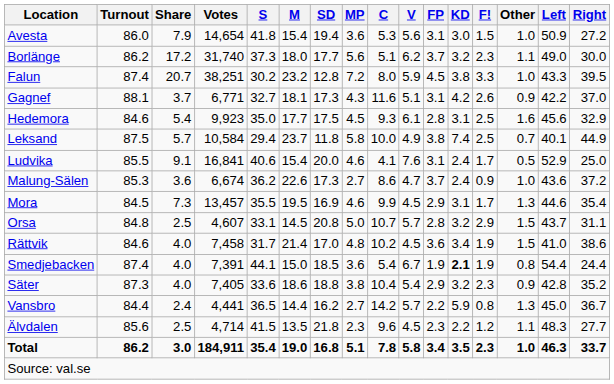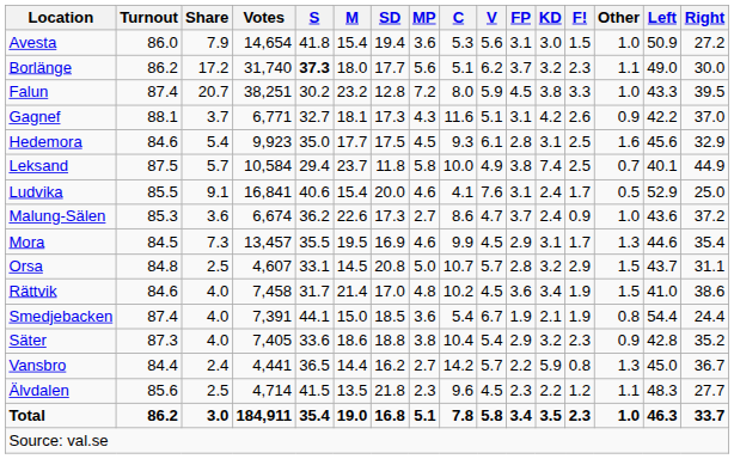 <table class="wikitable sortable" style=text-align:right>
 <tr>
 <th>Location</th>
 <th>Turnout</th>
 <th>Share</th>
 <th>Votes</th>
 <th><a href='#'>S</a></th>
 <th><a href='#'>M</a></th>
 <th><a href='#'>SD</a></th>
 <th><a href='#'>MP</a></th>
 <th><a href='#'>C</a></th>
 <th><a href='#'>V</a></th>
 <th><a href='#'>FP</a></th>
 <th><a href='#'>KD</a></th>
 <th><a href='#'>F!</a></th>
 <th>Other</th>
 <th><a href='#'>Left</a></th>
 <th><a href='#'>Right</a></th>
 </tr>
 <tr>
 <td align=left><a href='#'>Avesta</a></td>
 <td>86.0</td>
 <td>7.9</td>
 <td>14,654</td>
 <td>41.8</td>
 <td>15.4</td>
 <td>19.4</td>
 <td>3.6</td>
 <td>5.3</td>
 <td>5.6</td>
 <td>3.1</td>
 <td>3.0</td>
 <td>1.5</td>
 <td>1.0</td>
 <td>50.9</td>
 <td>27.2</td>
 </tr>
 <tr>
 <td align=left><a href='#'>Borlänge</a></td>
 <td>86.2</td>
 <td>17.2</td>
 <td>31,740</td>
-<td>37.3</td>
+<td><strong>37.3</strong></td>
 <td>18.0</td>
 <td>17.7</td>
 <td>5.6</td>
 <td>5.1</td>
 <td>6.2</td>
 <td>3.7</td>
 <td>3.2</td>
 <td>2.3</td>
 <td>1.1</td>
 <td>49.0</td>
 <td>30.0</td>
 </tr>
 <tr>
 <td align=left><a href='#'>Falun</a></td>
 <td>87.4</td>
 <td>20.7</td>
 <td>38,251</td>
 <td>30.2</td>
 <td>23.2</td>
 <td>12.8</td>
 <td>7.2</td>
 <td>8.0</td>
 <td>5.9</td>
 <td>4.5</td>
 <td>3.8</td>
 <td>3.3</td>
 <td>1.0</td>
 <td>43.3</td>
 <td>39.5</td>
 </tr>
 <tr>
 <td align=left><a href='#'>Gagnef</a></td>
 <td>88.1</td>
 <td>3.7</td>
 <td>6,771</td>
 <td>32.7</td>
 <td>18.1</td>
 <td>17.3</td>
 <td>4.3</td>
 <td>11.6</td>
 <td>5.1</td>
 <td>3.1</td>
 <td>4.2</td>
 <td>2.6</td>
 <td>0.9</td>
 <td>42.2</td>
 <td>37.0</td>
 </tr>
 <tr>
 <td align=left><a href='#'>Hedemora</a></td>
 <td>84.6</td>
 <td>5.4</td>
 <td>9,923</td>
 <td>35.0</td>
 <td>17.7</td>
 <td>17.5</td>
 <td>4.5</td>
 <td>9.3</td>
 <td>6.1</td>
 <td>2.8</td>
 <td>3.1</td>
 <td>2.5</td>
 <td>1.6</td>
 <td>45.6</td>
 <td>32.9</td>
 </tr>
 <tr>
 <td align=left><a href='#'>Leksand</a></td>
 <td>87.5</td>
 <td>5.7</td>
 <td>10,584</td>
 <td>29.4</td>
 <td>23.7</td>
 <td>11.8</td>
 <td>5.8</td>
 <td>10.0</td>
 <td>4.9</td>
 <td>3.8</td>
 <td>7.4</td>
 <td>2.5</td>
 <td>0.7</td>
 <td>40.1</td>
 <td>44.9</td>
 </tr>
 <tr>
 <td align=left><a href='#'>Ludvika</a></td>
 <td>85.5</td>
 <td>9.1</td>
 <td>16,841</td>
 <td>40.6</td>
 <td>15.4</td>
 <td>20.0</td>
 <td>4.6</td>
 <td>4.1</td>
 <td>7.6</td>
 <td>3.1</td>
 <td>2.4</td>
 <td>1.7</td>
 <td>0.5</td>
 <td>52.9</td>
 <td>25.0</td>
 </tr>
 <tr>
 <td align=left><a href='#'>Malung-Sälen</a></td>
 <td>85.3</td>
 <td>3.6</td>
 <td>6,674</td>
 <td>36.2</td>
 <td>22.6</td>
 <td>17.3</td>
 <td>2.7</td>
 <td>8.6</td>
 <td>4.7</td>
 <td>3.7</td>
 <td>2.4</td>
 <td>0.9</td>
 <td>1.0</td>
 <td>43.6</td>
 <td>37.2</td>
 </tr>
 <tr>
 <td align=left><a href='#'>Mora</a></td>
 <td>84.5</td>
 <td>7.3</td>
 <td>13,457</td>
 <td>35.5</td>
 <td>19.5</td>
 <td>16.9</td>
 <td>4.6</td>
 <td>9.9</td>
 <td>4.5</td>
 <td>2.9</td>
 <td>3.1</td>
 <td>1.7</td>
 <td>1.3</td>
 <td>44.6</td>
 <td>35.4</td>
 </tr>
 <tr>
 <td align=left><a href='#'>Orsa</a></td>
 <td>84.8</td>
 <td>2.5</td>
 <td>4,607</td>
 <td>33.1</td>
 <td>14.5</td>
 <td>20.8</td>
 <td>5.0</td>
 <td>10.7</td>
 <td>5.7</td>
 <td>2.8</td>
 <td>3.2</td>
 <td>2.9</td>
 <td>1.5</td>
 <td>43.7</td>
 <td>31.1</td>
 </tr>
 <tr>
 <td align=left><a href='#'>Rättvik</a></td>
 <td>84.6</td>
 <td>4.0</td>
 <td>7,458</td>
 <td>31.7</td>
 <td>21.4</td>
 <td>17.0</td>
 <td>4.8</td>
 <td>10.2</td>
 <td>4.5</td>
 <td>3.6</td>
 <td>3.4</td>
 <td>1.9</td>
 <td>1.5</td>
 <td>41.0</td>
 <td>38.6</td>
 </tr>
 <tr>
 <td align=left><a href='#'>Smedjebacken</a></td>
 <td>87.4</td>
 <td>4.0</td>
 <td>7,391</td>
 <td>44.1</td>
 <td>15.0</td>
 <td>18.5</td>
 <td>3.6</td>
 <td>5.4</td>
 <td>6.7</td>
 <td>1.9</td>
-<td><strong>2.1</strong></td>
+<td>2.1</td>
 <td>1.9</td>
 <td>0.8</td>
 <td>54.4</td>
 <td>24.4</td>
 </tr>
 <tr>
 <td align=left><a href='#'>Säter</a></td>
 <td>87.3</td>
 <td>4.0</td>
 <td>7,405</td>
 <td>33.6</td>
 <td>18.6</td>
 <td>18.8</td>
 <td>3.8</td>
 <td>10.4</td>
 <td>5.4</td>
 <td>2.9</td>
 <td>3.2</td>
 <td>2.3</td>
 <td>0.9</td>
 <td>42.8</td>
 <td>35.2</td>
 </tr>
 <tr>
 <td align=left><a href='#'>Vansbro</a></td>
 <td>84.4</td>
 <td>2.4</td>
 <td>4,441</td>
 <td>36.5</td>
 <td>14.4</td>
 <td>16.2</td>
 <td>2.7</td>
 <td>14.2</td>
 <td>5.7</td>
 <td>2.2</td>
 <td>5.9</td>
 <td>0.8</td>
 <td>1.3</td>
 <td>45.0</td>
 <td>36.7</td>
 </tr>
 <tr>
 <td align=left><a href='#'>Älvdalen</a></td>
 <td>85.6</td>
 <td>2.5</td>
 <td>4,714</td>
 <td>41.5</td>
 <td>13.5</td>
 <td>21.8</td>
 <td>2.3</td>
 <td>9.6</td>
 <td>4.5</td>
 <td>2.3</td>
 <td>2.2</td>
 <td>1.2</td>
 <td>1.1</td>
 <td>48.3</td>
 <td>27.7</td>
 </tr>
 <tr>
 <td align=left><strong>Total</strong></td>
 <td><strong>86.2</strong></td>
 <td><strong>3.0</strong></td>
 <td><strong>184,911</strong></td>
 <td><strong>35.4</strong></td>
 <td><strong>19.0</strong></td>
 <td><strong>16.8</strong></td>
 <td><strong>5.1</strong></td>
 <td><strong>7.8</strong></td>
 <td><strong>5.8</strong></td>
 <td><strong>3.4</strong></td>
 <td><strong>3.5</strong></td>
 <td><strong>2.3</strong></td>
 <td><strong>1.0</strong></td>
 <td><strong>46.3</strong></td>
 <td><strong>33.7</strong></td>
 </tr>
 <tr>
 <td align=left colspan=16>Source: val.se </td>
 </tr>
 </table>
